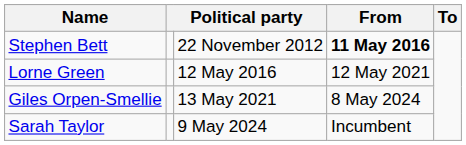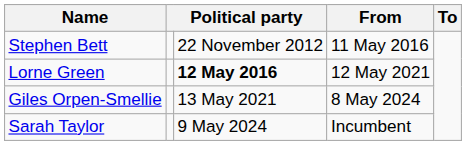 <table class="wikitable">
 <tr>
 <th scope="col">Name</th>
 <th scope="col" colspan="2">Political party</th>
 <th scope="col">From </th>
 <th scope="col">To</th>
 </tr>
 <tr>
 <td><a href='#'>Stephen Bett</a></td>
 <td></td>
 <td>22 November 2012</td>
-<td><strong>11 May 2016</strong></td>
+<td>11 May 2016</td>
 </tr>
 <tr>
 <td><a href='#'>Lorne Green</a></td>
 <td></td>
-<td>12 May 2016</td>
+<td><strong>12 May 2016</strong></td>
 <td>12 May 2021</td>
 </tr>
 <tr>
 <td><a href='#'>Giles Orpen-Smellie</a></td>
 <td></td>
 <td>13 May 2021</td>
 <td>8 May 2024</td>
 </tr>
 <tr>
 <td><a href='#'>Sarah Taylor</a></td>
 <td></td>
 <td>9 May 2024</td>
 <td>Incumbent</td>
 </tr>
 </table>
